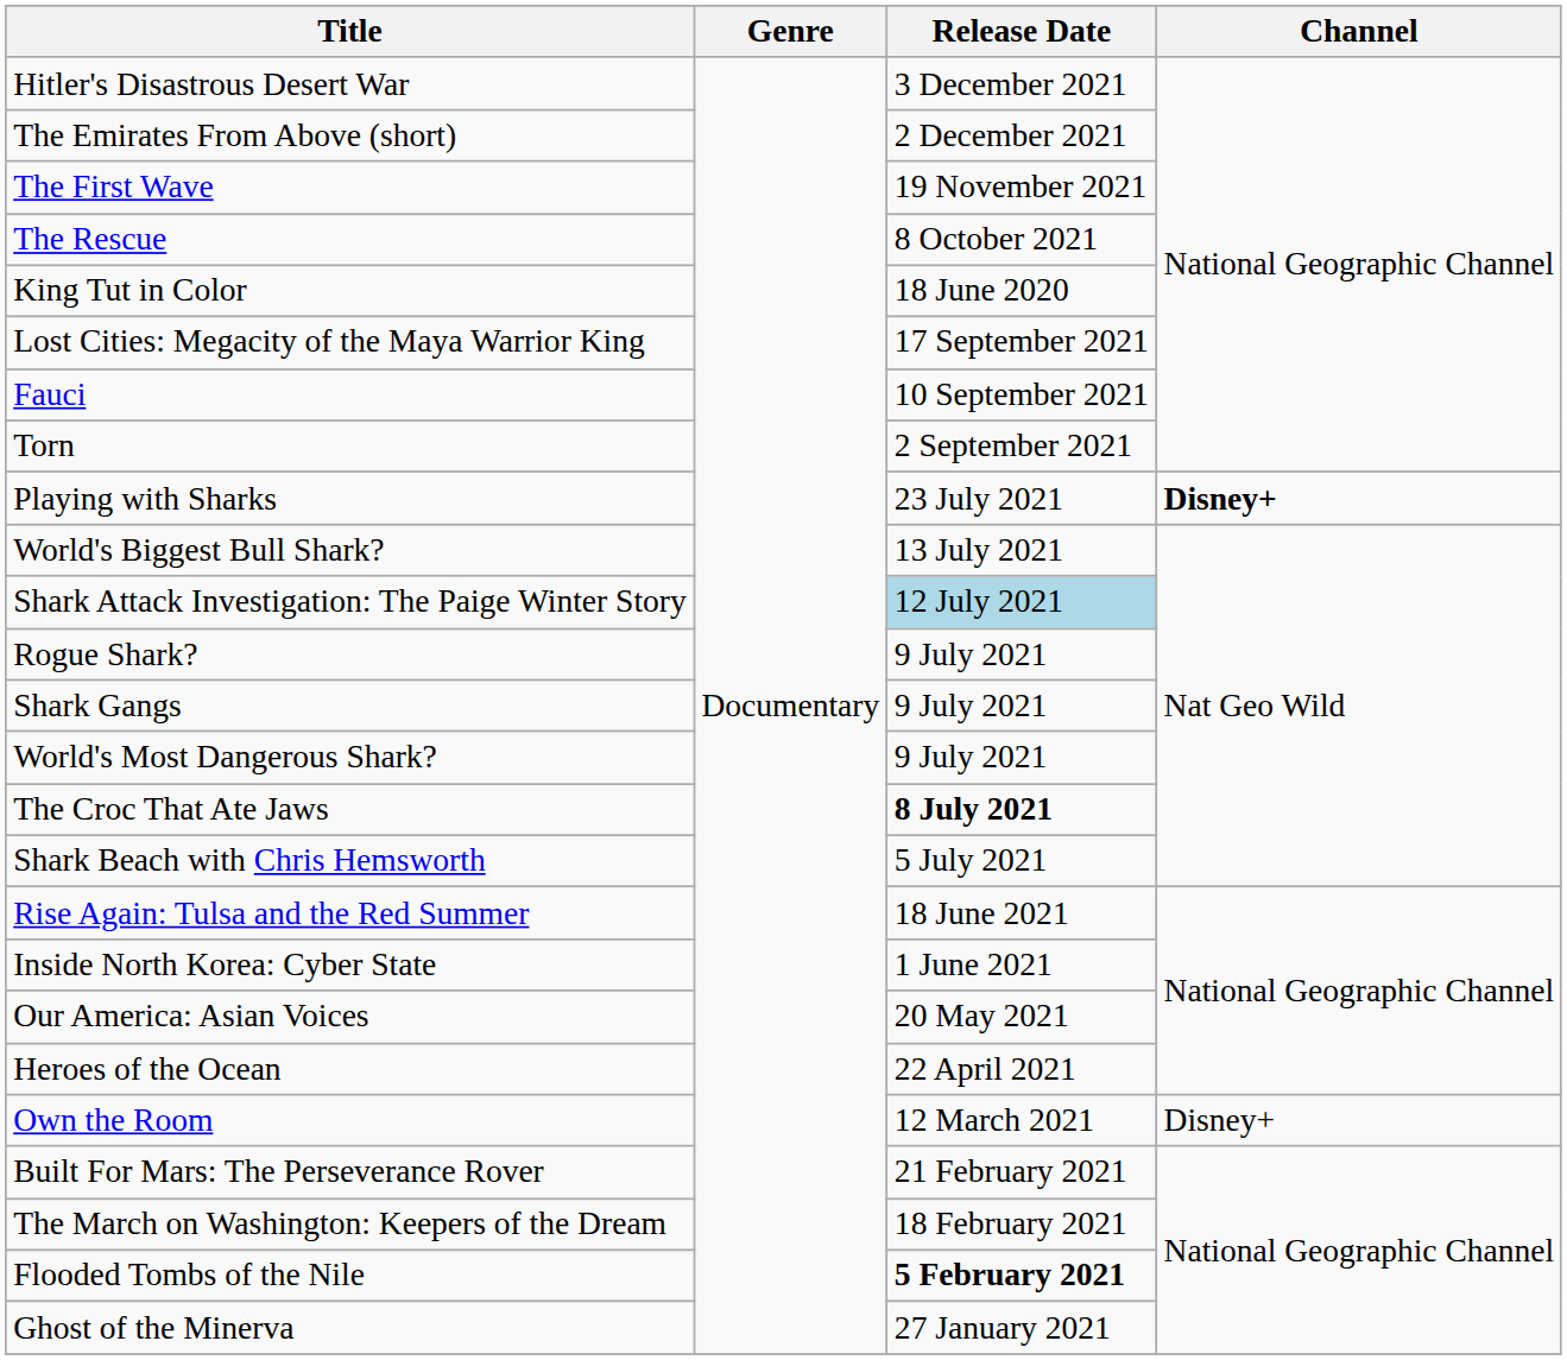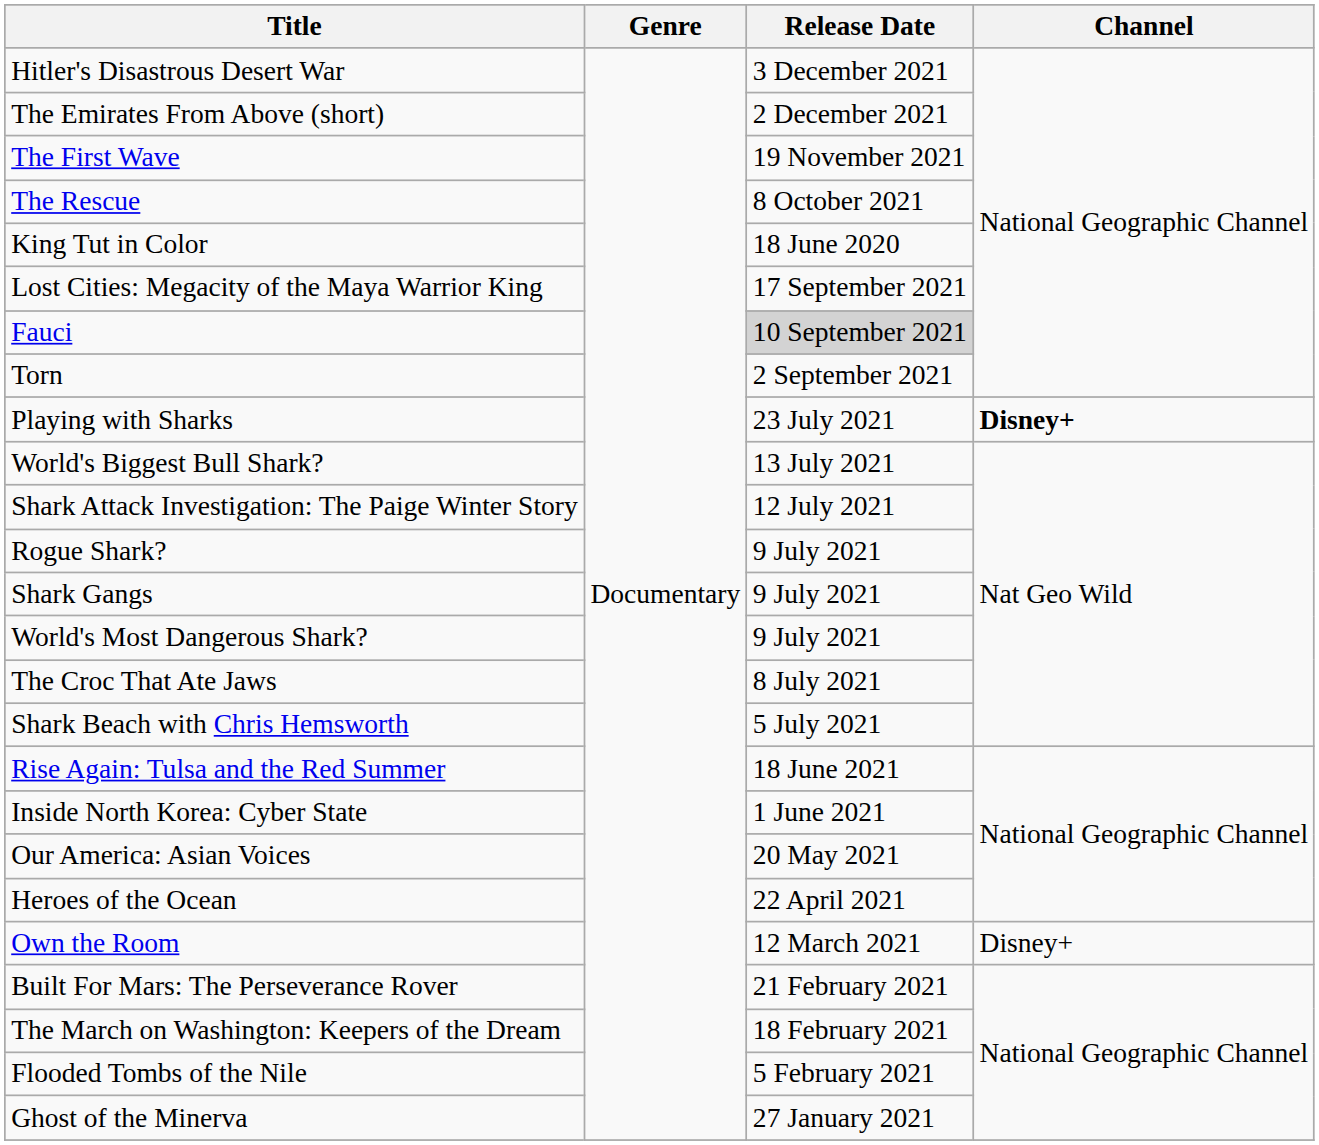 <table class="wikitable sortable">
 <tr>
 <th>Title</th>
 <th>Genre</th>
 <th>Release Date</th>
 <th>Channel</th>
 </tr>
 <tr>
 <td>Hitler's Disastrous Desert War</td>
 <td rowspan="25">Documentary</td>
 <td>3 December 2021</td>
 <td rowspan="8">National Geographic Channel</td>
 </tr>
 <tr>
 <td>The Emirates From Above (short)</td>
 <td>2 December 2021</td>
 </tr>
 <tr>
 <td The First Wave (film)><a href='#'>The First Wave</a></td>
 <td>19 November 2021</td>
 </tr>
 <tr>
 <td The Rescue (2021 film)><a href='#'>The Rescue</a></td>
 <td>8 October 2021</td>
 </tr>
 <tr>
 <td>King Tut in Color</td>
 <td>18 June 2020</td>
 </tr>
 <tr>
 <td>Lost Cities: Megacity of the Maya Warrior King</td>
 <td>17 September 2021</td>
 </tr>
 <tr>
 <td><a href='#'>Fauci</a></td>
-<td>10 September 2021</td>
+<td style="background: lightgrey;">10 September 2021</td>
 </tr>
 <tr>
 <td>Torn</td>
 <td>2 September 2021</td>
 </tr>
 <tr>
 <td>Playing with Sharks</td>
 <td>23 July 2021</td>
 <td><strong>Disney+</strong></td>
 </tr>
 <tr>
 <td>World's Biggest Bull Shark?</td>
 <td>13 July 2021</td>
 <td rowspan="7">Nat Geo Wild</td>
 </tr>
 <tr>
 <td>Shark Attack Investigation: The Paige Winter Story</td>
-<td style="background: lightblue;">12 July 2021</td>
+<td>12 July 2021</td>
 </tr>
 <tr>
 <td>Rogue Shark?</td>
 <td>9 July 2021</td>
 </tr>
 <tr>
 <td>Shark Gangs</td>
 <td>9 July 2021</td>
 </tr>
 <tr>
 <td>World's Most Dangerous Shark?</td>
 <td>9 July 2021</td>
 </tr>
 <tr>
 <td>The Croc That Ate Jaws</td>
-<td><strong>8 July 2021</strong></td>
+<td>8 July 2021</td>
 </tr>
 <tr>
 <td>Shark Beach with <a href='#'>Chris Hemsworth</a></td>
 <td>5 July 2021</td>
 </tr>
 <tr>
 <td><a href='#'>Rise Again: Tulsa and the Red Summer</a></td>
 <td>18 June 2021</td>
 <td rowspan="4">National Geographic Channel</td>
 </tr>
 <tr>
 <td>Inside North Korea: Cyber State</td>
 <td>1 June 2021</td>
 </tr>
 <tr>
 <td>Our America: Asian Voices</td>
 <td>20 May 2021</td>
 </tr>
 <tr>
 <td>Heroes of the Ocean</td>
 <td>22 April 2021</td>
 </tr>
 <tr>
 <td><a href='#'>Own the Room</a></td>
 <td>12 March 2021</td>
 <td>Disney+</td>
 </tr>
 <tr>
 <td>Built For Mars: The Perseverance Rover</td>
 <td>21 February 2021</td>
 <td rowspan="4">National Geographic Channel</td>
 </tr>
 <tr>
 <td>The March on Washington: Keepers of the Dream</td>
 <td>18 February 2021</td>
 </tr>
 <tr>
 <td>Flooded Tombs of the Nile</td>
-<td><strong>5 February 2021</strong></td>
+<td>5 February 2021</td>
 </tr>
 <tr>
 <td>Ghost of the Minerva</td>
 <td>27 January 2021</td>
 </tr>
 </table>
